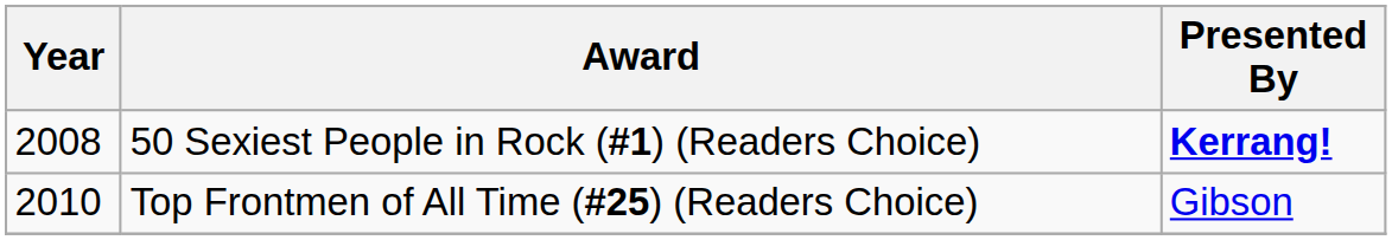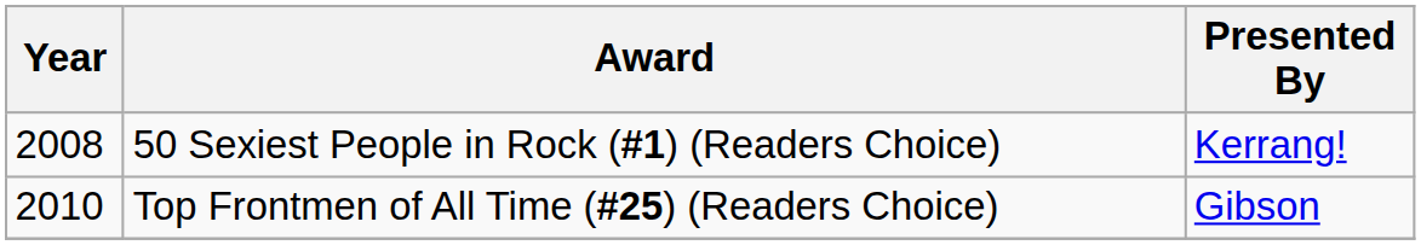 <table class="wikitable" style="table-layout: fixed;">
 <tr>
 <th width="40">Year</th>
 <th style="width:420px;">Award</th>
 <th width="85">Presented By</th>
 </tr>
 <tr>
 <td>2008</td>
 <td>50 Sexiest People in Rock (<strong>#1</strong>) (Readers Choice)</td>
-<td><strong><a href='#'>Kerrang!</a></strong></td>
+<td><a href='#'>Kerrang!</a></td>
 </tr>
 <tr>
 <td>2010</td>
 <td>Top Frontmen of All Time (<strong>#25</strong>) (Readers Choice)</td>
 <td><a href='#'>Gibson</a></td>
 </tr>
 <tr>
 </tr>
 </table>
